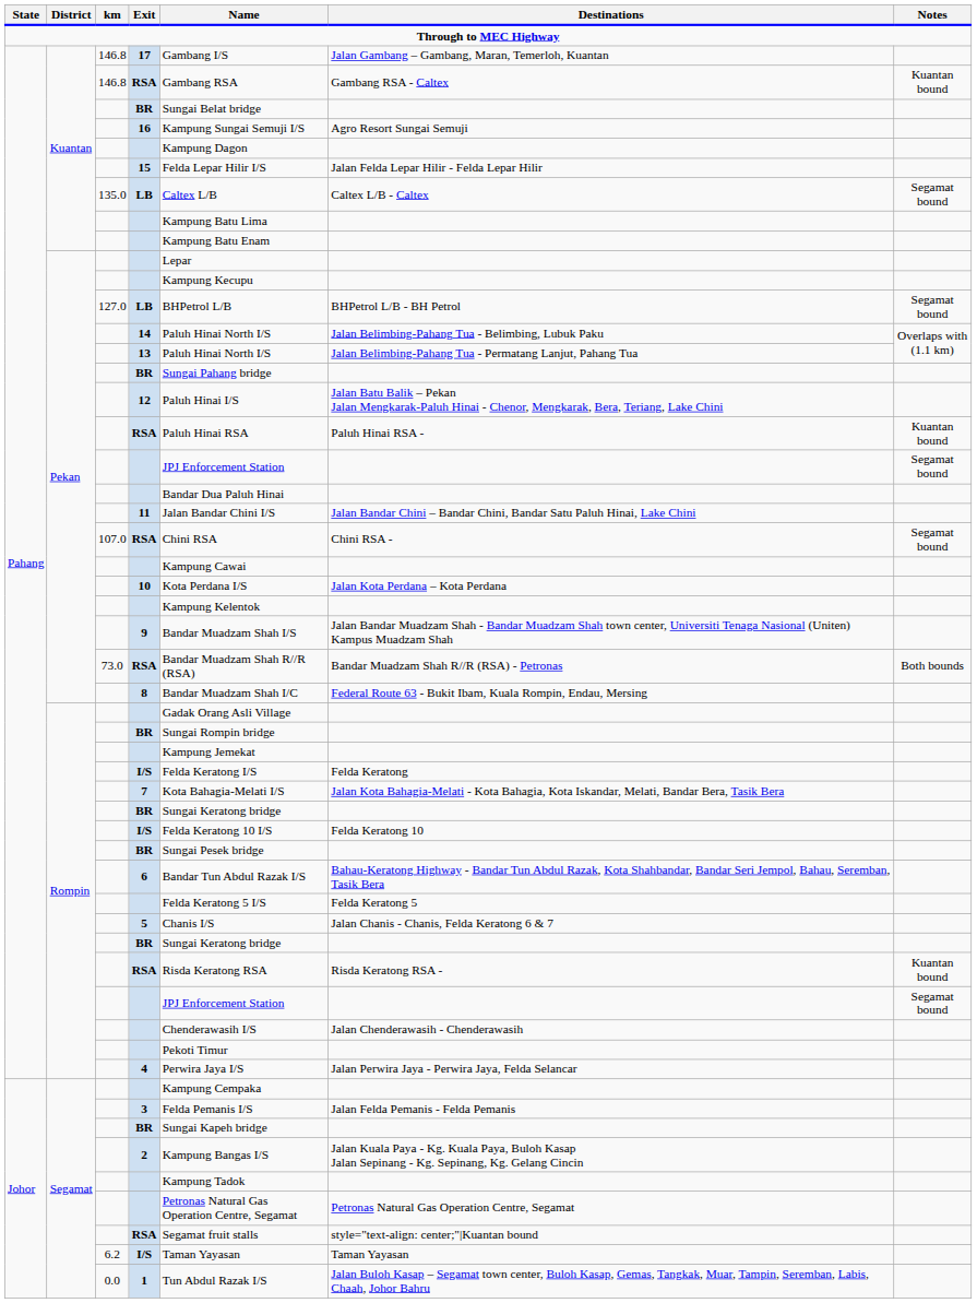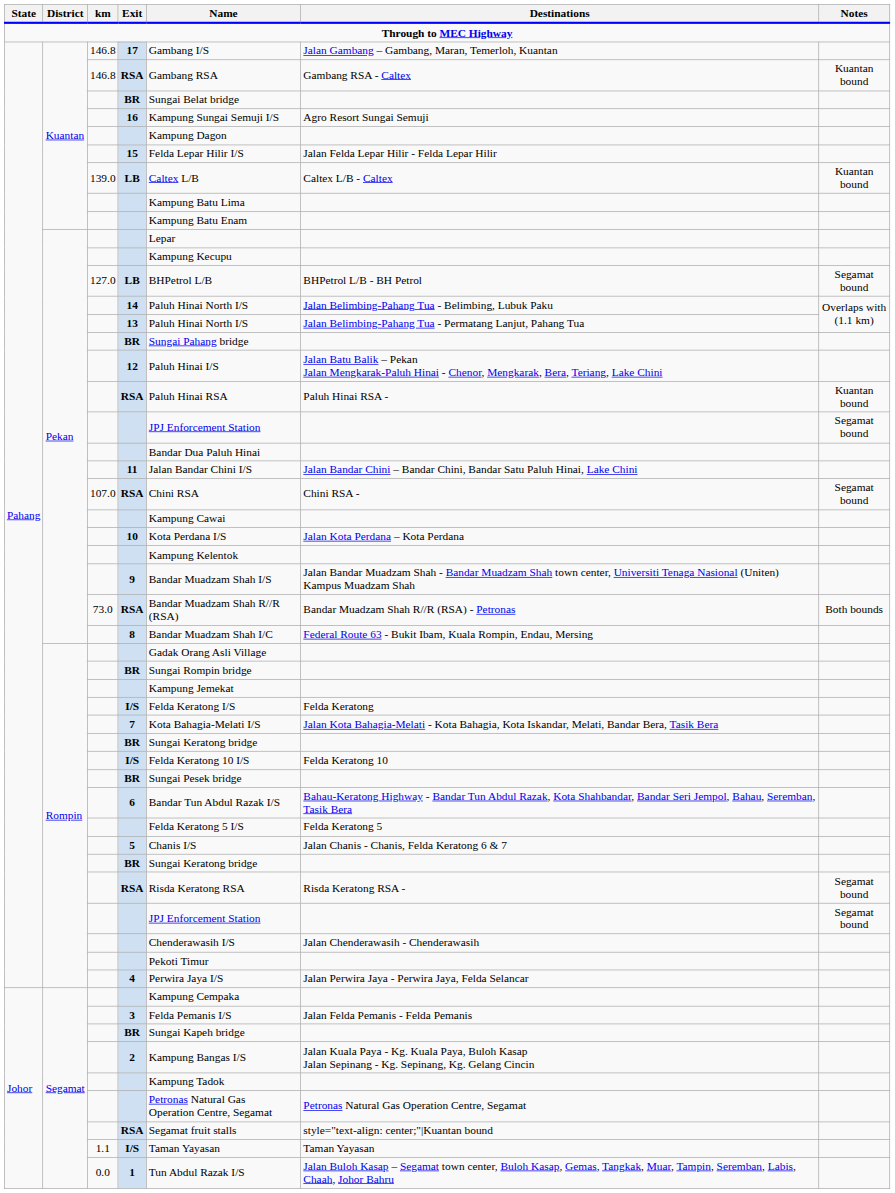 <table class="wikitable">
 <tr>
 <th style="border-bottom:3px solid blue;">State</th>
 <th style="border-bottom:3px solid blue;">District</th>
 <th style="border-bottom:3px solid blue;">km</th>
 <th style="border-bottom:3px solid blue;">Exit</th>
 <th style="border-bottom:3px solid blue;">Name</th>
 <th style="border-bottom:3px solid blue;">Destinations</th>
 <th style="border-bottom:3px solid blue;">Notes</th>
 </tr>
 <tr>
 <td colspan="7" style="text-align: center;"><strong>Through to   <a href='#'>MEC Highway</a></strong></td>
 </tr>
 <tr>
 <td rowspan="44" style="width:1em;"><a href='#'>Pahang</a></td>
 <td rowspan="9"><a href='#'>Kuantan</a></td>
 <td style="text-align: center;">146.8</td>
 <th style="background-color: #CEE0F2;">17</th>
 <td>Gambang I/S</td>
 <td> <a href='#'>Jalan Gambang</a> – Gambang, Maran, Temerloh, Kuantan</td>
 <td style="text-align: center;"></td>
 </tr>
 <tr>
 <td style="text-align: center;">146.8</td>
 <th style="background-color: #CEE0F2;">RSA</th>
 <td>Gambang RSA</td>
 <td>Gambang RSA -         <a href='#'>Caltex</a></td>
 <td style="text-align: center;">Kuantan bound</td>
 </tr>
 <tr>
 <td style="text-align: center;"></td>
 <th style="background-color: #CEE0F2;">BR</th>
 <td>Sungai Belat bridge</td>
 <td></td>
 <td style="text-align: center;"></td>
 </tr>
 <tr>
 <td style="text-align: center;"></td>
 <th style="background-color: #CEE0F2;">16</th>
 <td>Kampung Sungai Semuji I/S</td>
 <td>Agro Resort Sungai Semuji</td>
 <td style="text-align: center;"></td>
 </tr>
 <tr>
 <td style="text-align: center;"></td>
 <th style="background-color: #CEE0F2;"></th>
 <td>Kampung Dagon</td>
 <td></td>
 <td style="text-align: center;"></td>
 </tr>
 <tr>
 <td style="text-align: center;"></td>
 <th style="background-color: #CEE0F2;">15</th>
 <td>Felda Lepar Hilir I/S</td>
 <td>Jalan Felda Lepar Hilir - Felda Lepar Hilir</td>
 <td style="text-align: center;"></td>
 </tr>
 <tr>
-<td style="text-align: center;">135.0</td>
+<td style="text-align: center;">139.0</td>
 <th style="background-color: #CEE0F2;">LB</th>
 <td><a href='#'>Caltex</a> L/B</td>
 <td>Caltex L/B -         <a href='#'>Caltex</a></td>
-<td style="text-align: center;">Segamat bound</td>
+<td style="text-align: center;">Kuantan bound</td>
 </tr>
 <tr>
 <td style="text-align: center;"></td>
 <th style="background-color: #CEE0F2;"></th>
 <td>Kampung Batu Lima</td>
 <td></td>
 <td style="text-align: center;"></td>
 </tr>
 <tr>
 <td style="text-align: center;"></td>
 <th style="background-color: #CEE0F2;"></th>
 <td>Kampung Batu Enam</td>
 <td></td>
 <td style="text-align: center;"></td>
 </tr>
 <tr>
 <td rowspan="18"><a href='#'>Pekan</a></td>
 <td style="text-align: center;"></td>
 <th style="background-color: #CEE0F2;"></th>
 <td>Lepar</td>
 <td></td>
 <td style="text-align: center;"></td>
 </tr>
 <tr>
 <td style="text-align: center;"></td>
 <th style="background-color: #CEE0F2;"></th>
 <td>Kampung Kecupu</td>
 <td></td>
 <td style="text-align: center;"></td>
 </tr>
 <tr>
 <td style="text-align: center;">127.0</td>
 <th style="background-color: #CEE0F2;">LB</th>
 <td>BHPetrol L/B</td>
 <td>BHPetrol L/B -         BH Petrol</td>
 <td style="text-align: center;">Segamat bound</td>
 </tr>
 <tr>
 <td style="text-align: center;"></td>
 <th style="background-color: #CEE0F2;">14</th>
 <td>Paluh Hinai North I/S</td>
 <td> <a href='#'>Jalan Belimbing-Pahang Tua</a> - Belimbing, Lubuk Paku</td>
 <td style="text-align: center;" rowspan="2">Overlaps with<br> (1.1 km)</td>
 </tr>
 <tr>
 <td style="text-align: center;"></td>
 <th style="background-color: #CEE0F2;">13</th>
 <td>Paluh Hinai North I/S</td>
 <td> <a href='#'>Jalan Belimbing-Pahang Tua</a> - Permatang Lanjut, Pahang Tua</td>
 </tr>
 <tr>
 <td style="text-align: center;"></td>
 <th style="background-color: #CEE0F2;">BR</th>
 <td><a href='#'>Sungai Pahang</a> bridge</td>
 <td></td>
 <td style="text-align: center;"></td>
 </tr>
 <tr>
 <td style="text-align: center;"></td>
 <th style="background-color: #CEE0F2;">12</th>
 <td>Paluh Hinai I/S</td>
 <td> <a href='#'>Jalan Batu Balik</a> – Pekan<br> <a href='#'>Jalan Mengkarak-Paluh Hinai</a> - <a href='#'>Chenor</a>, <a href='#'>Mengkarak</a>, <a href='#'>Bera</a>, <a href='#'>Teriang</a>, <a href='#'>Lake Chini</a></td>
 <td style="text-align: center;"></td>
 </tr>
 <tr>
 <td style="text-align: center;"></td>
 <th style="background-color: #CEE0F2;">RSA</th>
 <td>Paluh Hinai RSA</td>
 <td> Paluh Hinai RSA -       </td>
 <td style="text-align: center;">Kuantan bound</td>
 </tr>
 <tr>
 <td style="text-align: center;"></td>
 <th style="background-color: #CEE0F2;"></th>
 <td><a href='#'>JPJ Enforcement Station</a></td>
 <td></td>
 <td style="text-align: center;">Segamat bound</td>
 </tr>
 <tr>
 <td style="text-align: center;"></td>
 <th style="background-color: #CEE0F2;"></th>
 <td>Bandar Dua Paluh Hinai</td>
 <td></td>
 <td style="text-align: center;"></td>
 </tr>
 <tr>
 <td style="text-align: center;"></td>
 <th style="background-color: #CEE0F2;">11</th>
 <td>Jalan Bandar Chini I/S</td>
 <td><a href='#'>Jalan Bandar Chini</a> – Bandar Chini, Bandar Satu Paluh Hinai, <a href='#'>Lake Chini</a></td>
 <td style="text-align: center;"></td>
 </tr>
 <tr>
 <td style="text-align: center;">107.0</td>
 <th style="background-color: #CEE0F2;">RSA</th>
 <td>Chini RSA</td>
 <td> Chini RSA -       </td>
 <td style="text-align: center;">Segamat bound</td>
 </tr>
 <tr>
 <td style="text-align: center;"></td>
 <th style="background-color: #CEE0F2;"></th>
 <td>Kampung Cawai</td>
 <td></td>
 <td style="text-align: center;"></td>
 </tr>
 <tr>
 <td style="text-align: center;"></td>
 <th style="background-color: #CEE0F2;">10</th>
 <td>Kota Perdana I/S</td>
 <td> <a href='#'>Jalan Kota Perdana</a> – Kota Perdana</td>
 <td style="text-align: center;"></td>
 </tr>
 <tr>
 <td style="text-align: center;"></td>
 <th style="background-color: #CEE0F2;"></th>
 <td>Kampung Kelentok</td>
 <td></td>
 <td style="text-align: center;"></td>
 </tr>
 <tr>
 <td style="text-align: center;"></td>
 <th style="background-color: #CEE0F2;">9</th>
 <td>Bandar Muadzam Shah I/S</td>
 <td>Jalan Bandar Muadzam Shah - <a href='#'>Bandar Muadzam Shah</a> town center, <a href='#'>Universiti Tenaga Nasional</a> (Uniten) Kampus Muadzam Shah </td>
 <td style="text-align: center;"></td>
 </tr>
 <tr>
 <td style="text-align: center;">73.0</td>
 <th style="background-color: #CEE0F2;">RSA</th>
 <td>Bandar Muadzam Shah R//R (RSA)</td>
 <td> Bandar Muadzam Shah R//R (RSA) -      <a href='#'>Petronas</a></td>
 <td style="text-align: center;">Both bounds</td>
 </tr>
 <tr>
 <td style="text-align: center;"></td>
 <th style="background-color: #CEE0F2;">8</th>
 <td>Bandar Muadzam Shah I/C</td>
 <td> <a href='#'>Federal Route 63</a> - Bukit Ibam, Kuala Rompin, Endau, Mersing</td>
 <td style="text-align: center;"></td>
 </tr>
 <tr>
 <td rowspan="17"><a href='#'>Rompin</a></td>
 <td style="text-align: center;"></td>
 <th style="background-color: #CEE0F2;"></th>
 <td>Gadak Orang Asli Village</td>
 <td></td>
 <td style="text-align: center;"></td>
 </tr>
 <tr>
 <td style="text-align: center;"></td>
 <th style="background-color: #CEE0F2;">BR</th>
 <td>Sungai Rompin bridge</td>
 <td></td>
 <td style="text-align: center;"></td>
 </tr>
 <tr>
 <td style="text-align: center;"></td>
 <th style="background-color: #CEE0F2;"></th>
 <td>Kampung Jemekat</td>
 <td></td>
 <td style="text-align: center;"></td>
 </tr>
 <tr>
 <td style="text-align: center;"></td>
 <th style="background-color: #CEE0F2;">I/S</th>
 <td>Felda Keratong I/S</td>
 <td>Felda Keratong</td>
 <td style="text-align: center;"></td>
 </tr>
 <tr>
 <td style="text-align: center;"></td>
 <th style="background-color: #CEE0F2;">7</th>
 <td>Kota Bahagia-Melati I/S</td>
 <td><a href='#'>Jalan Kota Bahagia-Melati</a> - Kota Bahagia, Kota Iskandar, Melati, Bandar Bera, <a href='#'>Tasik Bera</a> </td>
 <td style="text-align: center;"></td>
 </tr>
 <tr>
 <td style="text-align: center;"></td>
 <th style="background-color: #CEE0F2;">BR</th>
 <td>Sungai Keratong bridge</td>
 <td></td>
 <td style="text-align: center;"></td>
 </tr>
 <tr>
 <td style="text-align: center;"></td>
 <th style="background-color: #CEE0F2;">I/S</th>
 <td>Felda Keratong 10 I/S</td>
 <td>Felda Keratong 10</td>
 <td style="text-align: center;"></td>
 </tr>
 <tr>
 <td style="text-align: center;"></td>
 <th style="background-color: #CEE0F2;">BR</th>
 <td>Sungai Pesek bridge</td>
 <td></td>
 <td style="text-align: center;"></td>
 </tr>
 <tr>
 <td style="text-align: center;"></td>
 <th style="background-color: #CEE0F2;">6</th>
 <td>Bandar Tun Abdul Razak I/S</td>
 <td> <a href='#'>Bahau-Keratong Highway</a> - <a href='#'>Bandar Tun Abdul Razak</a>, <a href='#'>Kota Shahbandar</a>, <a href='#'>Bandar Seri Jempol</a>, <a href='#'>Bahau</a>, <a href='#'>Seremban</a>, <a href='#'>Tasik Bera</a> </td>
 <td style="text-align: center;"></td>
 </tr>
 <tr>
 <td style="text-align: center;"></td>
 <th style="background-color: #CEE0F2;"></th>
 <td>Felda Keratong 5 I/S</td>
 <td>Felda Keratong 5</td>
 <td style="text-align: center;"></td>
 </tr>
 <tr>
 <td style="text-align: center;"></td>
 <th style="background-color: #CEE0F2;">5</th>
 <td>Chanis I/S</td>
 <td>Jalan Chanis - Chanis, Felda Keratong 6 & 7</td>
 <td style="text-align: center;"></td>
 </tr>
 <tr>
 <td style="text-align: center;"></td>
 <th style="background-color: #CEE0F2;">BR</th>
 <td>Sungai Keratong bridge</td>
 <td></td>
 <td style="text-align: center;"></td>
 </tr>
 <tr>
 <td style="text-align: center;"></td>
 <th style="background-color: #CEE0F2;">RSA</th>
 <td>Risda Keratong RSA</td>
 <td> Risda Keratong RSA -     </td>
-<td style="text-align: center;">Kuantan bound</td>
+<td style="text-align: center;">Segamat bound</td>
 </tr>
 <tr>
 <td style="text-align: center;"></td>
 <th style="background-color: #CEE0F2;"></th>
 <td><a href='#'>JPJ Enforcement Station</a></td>
 <td></td>
 <td style="text-align: center;">Segamat bound</td>
 </tr>
 <tr>
 <td style="text-align: center;"></td>
 <th style="background-color: #CEE0F2;"></th>
 <td>Chenderawasih I/S</td>
 <td>Jalan Chenderawasih - Chenderawasih</td>
 <td style="text-align: center;"></td>
 </tr>
 <tr>
 <td style="text-align: center;"></td>
 <th style="background-color: #CEE0F2;"></th>
 <td>Pekoti Timur</td>
 <td></td>
 <td style="text-align: center;"></td>
 </tr>
 <tr>
 <td style="text-align: center;"></td>
 <th style="background-color: #CEE0F2;">4</th>
 <td>Perwira Jaya I/S</td>
 <td>Jalan Perwira Jaya - Perwira Jaya, Felda Selancar</td>
 <td style="text-align: center;"></td>
 </tr>
 <tr>
 <td rowspan="9" style="width:1em;"><a href='#'>Johor</a></td>
 <td rowspan="9"><a href='#'>Segamat</a></td>
 <td style="text-align: center;"></td>
 <th style="background-color: #CEE0F2;"></th>
 <td>Kampung Cempaka</td>
 <td></td>
 <td style="text-align: center;"></td>
 </tr>
 <tr>
 <td style="text-align: center;"></td>
 <th style="background-color: #CEE0F2;">3</th>
 <td>Felda Pemanis I/S</td>
 <td>Jalan Felda Pemanis - Felda Pemanis</td>
 <td style="text-align: center;"></td>
 </tr>
 <tr>
 <td style="text-align: center;"></td>
 <th style="background-color: #CEE0F2;">BR</th>
 <td>Sungai Kapeh bridge</td>
 <td></td>
 <td style="text-align: center;"></td>
 </tr>
 <tr>
 <td style="text-align: center;"></td>
 <th style="background-color: #CEE0F2;">2</th>
 <td>Kampung Bangas I/S</td>
 <td> Jalan Kuala Paya - Kg. Kuala Paya, Buloh Kasap<br> Jalan Sepinang - Kg. Sepinang, Kg. Gelang Cincin</td>
 <td style="text-align: center;"></td>
 </tr>
 <tr>
 <td style="text-align: center;"></td>
 <th style="background-color: #CEE0F2;"></th>
 <td>Kampung Tadok</td>
 <td></td>
 <td style="text-align: center;"></td>
 </tr>
 <tr>
 <td style="text-align: center;"></td>
 <th style="background-color: #CEE0F2;"></th>
 <td><a href='#'>Petronas</a> Natural Gas<br>Operation Centre, Segamat</td>
 <td><a href='#'>Petronas</a> Natural Gas Operation Centre, Segamat</td>
 <td style="text-align: center;"></td>
 </tr>
 <tr>
 <td style="text-align: center;"></td>
 <th style="background-color: #CEE0F2;">RSA</th>
 <td>Segamat fruit stalls</td>
 <td>style="text-align: center;"|Kuantan bound</td>
 </tr>
 <tr>
-<td style="text-align: center;">6.2</td>
+<td style="text-align: center;">1.1</td>
 <th style="background-color: #CEE0F2;">I/S</th>
 <td>Taman Yayasan</td>
 <td>Taman Yayasan</td>
 <td style="text-align: center;"></td>
 </tr>
 <tr>
 <td style="text-align: center;">0.0</td>
 <th style="background-color: #CEE0F2;">1</th>
 <td>Tun Abdul Razak I/S</td>
 <td>  <a href='#'>Jalan Buloh Kasap</a> – <a href='#'>Segamat</a> town center, <a href='#'>Buloh Kasap</a>, <a href='#'>Gemas</a>, <a href='#'>Tangkak</a>, <a href='#'>Muar</a>, <a href='#'>Tampin</a>, <a href='#'>Seremban</a>, <a href='#'>Labis</a>, <a href='#'>Chaah</a>, <a href='#'>Johor Bahru</a></td>
 <td style="text-align: center;"></td>
 </tr>
 </table>
